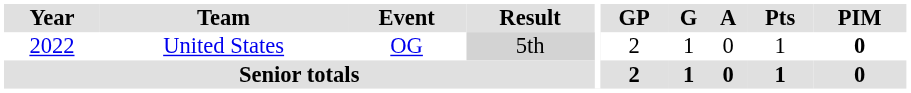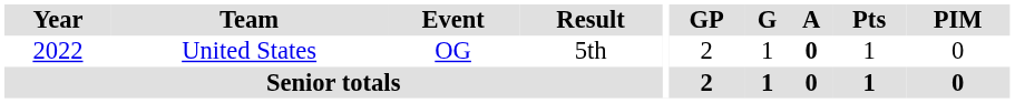 <table border="0" cellpadding="1" cellspacing="0" ID="Table3" style="text-align:center; width:40em;">
 <tr bgcolor="#e0e0e0">
 <th>Year</th>
 <th>Team</th>
 <th>Event</th>
 <th>Result</th>
 <th rowspan="98" bgcolor="#ffffff"></th>
 <th>GP</th>
 <th>G</th>
 <th>A</th>
 <th>Pts</th>
 <th>PIM</th>
 </tr>
 <tr>
 <td><a href='#'>2022</a></td>
 <td><a href='#'>United States</a></td>
 <td><a href='#'>OG</a></td>
-<td style="background: lightgrey;">5th</td>
+<td>5th</td>
 <td>2</td>
 <td>1</td>
+<td><strong>0</strong></td>
+<td>1</td>
 <td>0</td>
-<td>1</td>
-<td><strong>0</strong></td>
 </tr>
 <tr bgcolor="#e0e0e0">
 <th colspan="4">Senior totals</th>
 <th>2</th>
 <th>1</th>
 <th>0</th>
 <th>1</th>
 <th>0</th>
 </tr>
 </table>
